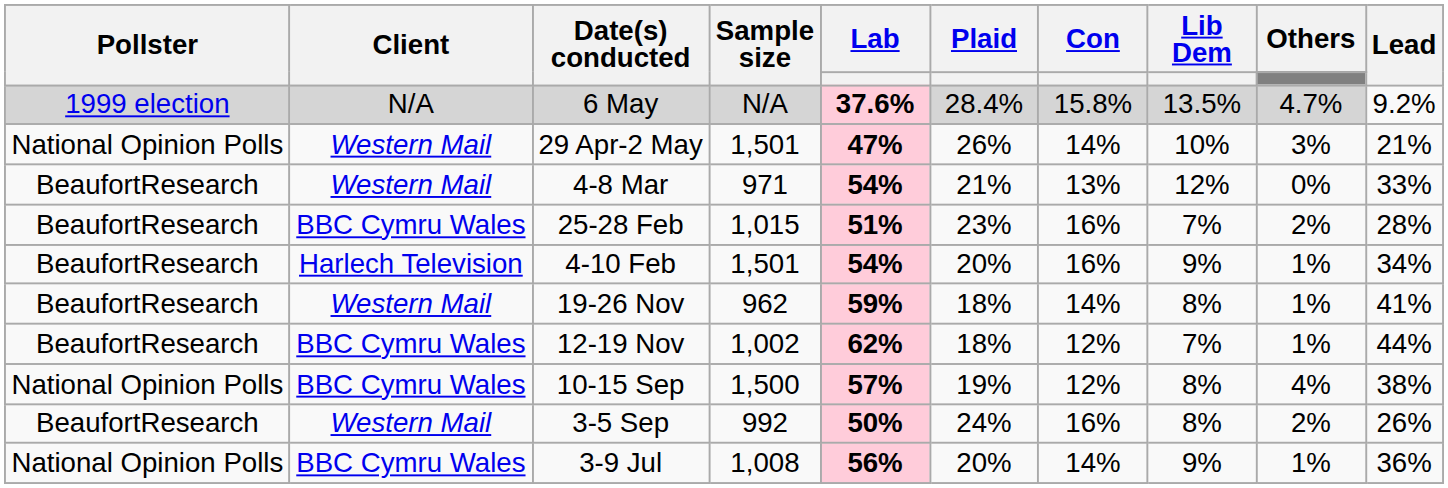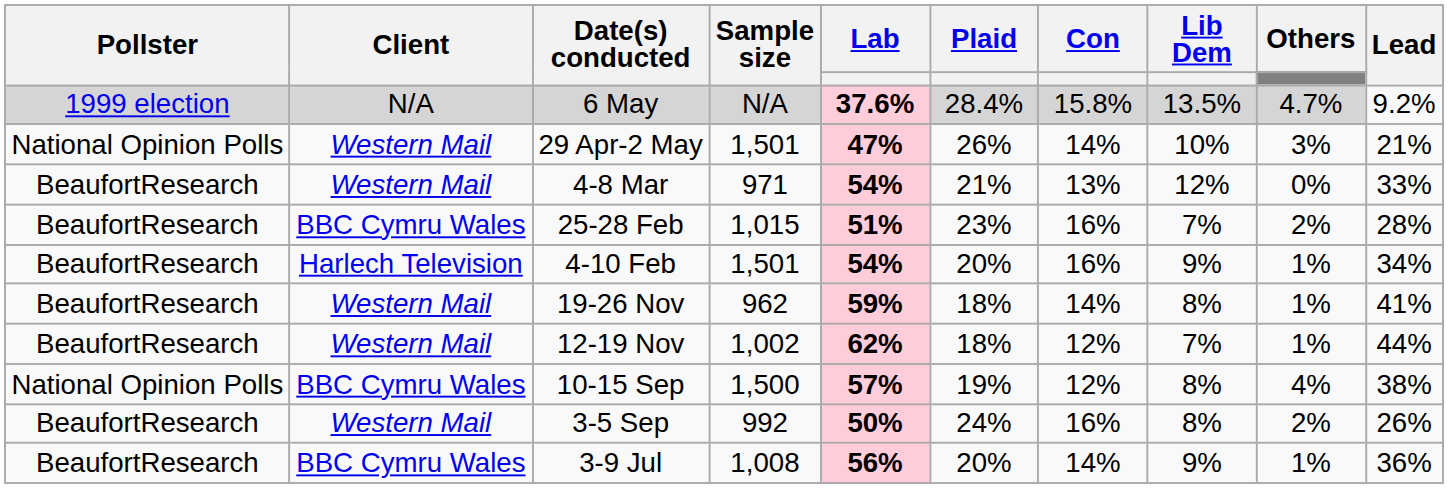 <table class="wikitable sortable mw-datatable" style="text-align:center;font-size:90%;line-height:14px;">
 <tr>
 <th rowspan="2">Pollster</th>
 <th rowspan="2">Client</th>
 <th rowspan="2" data-sort-type="number">Date(s)<br>conducted</th>
 <th rowspan="2">Sample<br>size</th>
 <th class="unsortable" style="width:50px;"><a href='#'>Lab</a></th>
 <th class="unsortable" style="width:50px;"><a href='#'>Plaid</a></th>
 <th class="unsortable" style="width:50px;"><a href='#'>Con</a></th>
 <th class="unsortable" style="width:50px;"><a href='#'>Lib Dem</a></th>
 <th class="unsortable" style="width:50px;">Others</th>
 <th rowspan="2" data-sort-type="number">Lead</th>
 </tr>
 <tr>
 <th data-sort-type="number" style="background:"></th>
 <th data-sort-type="number" style="background:"></th>
 <th data-sort-type="number" style="background:"></th>
 <th data-sort-type="number" style="background:"></th>
 <th data-sort-type="number" style="background:Grey;"></th>
 </tr>
 <tr>
 <td style="background:#D5D5D5"><a href='#'>1999 election</a></td>
 <td style="background:#D5D5D5">N/A</td>
 <td style="background:#D5D5D5">6 May</td>
 <td style="background:#D5D5D5">N/A</td>
 <td style="background:#FFCCDA"><strong>37.6%</strong></td>
 <td style="background:#D5D5D5">28.4%</td>
 <td style="background:#D5D5D5">15.8%</td>
 <td style="background:#D5D5D5">13.5%</td>
 <td style="background:#D5D5D5">4.7%</td>
 <td style="background:">9.2%</td>
 </tr>
 <tr>
 <td>National Opinion Polls</td>
 <td><em><a href='#'>Western Mail</a></em></td>
 <td>29 Apr-2 May</td>
 <td>1,501</td>
 <td style="background:#FFCCDA"><strong>47%</strong></td>
 <td>26%</td>
 <td>14%</td>
 <td>10%</td>
 <td>3%</td>
 <td style="background:">21%</td>
 </tr>
 <tr>
 <td>BeaufortResearch</td>
 <td><em><a href='#'>Western Mail</a></em></td>
 <td>4-8 Mar</td>
 <td>971</td>
 <td style="background:#FFCCDA"><strong>54%</strong></td>
 <td>21%</td>
 <td>13%</td>
 <td>12%</td>
 <td>0%</td>
 <td style="background:">33%</td>
 </tr>
 <tr>
 <td>BeaufortResearch</td>
 <td><a href='#'>BBC Cymru Wales</a></td>
 <td>25-28 Feb</td>
 <td>1,015</td>
 <td style="background:#FFCCDA"><strong>51%</strong></td>
 <td>23%</td>
 <td>16%</td>
 <td>7%</td>
 <td>2%</td>
 <td style="background:">28%</td>
 </tr>
 <tr>
 <td>BeaufortResearch</td>
 <td><a href='#'>Harlech Television</a></td>
 <td>4-10 Feb</td>
 <td>1,501</td>
 <td style="background:#FFCCDA"><strong>54%</strong></td>
 <td>20%</td>
 <td>16%</td>
 <td>9%</td>
 <td>1%</td>
 <td style="background:">34%</td>
 </tr>
 <tr>
 <td>BeaufortResearch</td>
 <td><em><a href='#'>Western Mail</a></em></td>
 <td>19-26 Nov</td>
 <td>962</td>
 <td style="background:#FFCCDA"><strong>59%</strong></td>
 <td>18%</td>
 <td>14%</td>
 <td>8%</td>
 <td>1%</td>
 <td style="background:">41%</td>
 </tr>
 <tr>
 <td>BeaufortResearch</td>
-<td><a href='#'>BBC Cymru Wales</a></td>
+<td><em><a href='#'>Western Mail</a></em></td>
 <td>12-19 Nov</td>
 <td>1,002</td>
 <td style="background:#FFCCDA"><strong>62%</strong></td>
 <td>18%</td>
 <td>12%</td>
 <td>7%</td>
 <td>1%</td>
 <td style="background:">44%</td>
 </tr>
 <tr>
 <td>National Opinion Polls</td>
 <td><a href='#'>BBC Cymru Wales</a></td>
 <td>10-15 Sep</td>
 <td>1,500</td>
 <td style="background:#FFCCDA"><strong>57%</strong></td>
 <td>19%</td>
 <td>12%</td>
 <td>8%</td>
 <td>4%</td>
 <td style="background:">38%</td>
 </tr>
 <tr>
 <td>BeaufortResearch</td>
 <td><em><a href='#'>Western Mail</a></em></td>
 <td>3-5 Sep</td>
 <td>992</td>
 <td style="background:#FFCCDA"><strong>50%</strong></td>
 <td>24%</td>
 <td>16%</td>
 <td>8%</td>
 <td>2%</td>
 <td style="background:">26%</td>
 </tr>
 <tr>
-<td>National Opinion Polls</td>
+<td>BeaufortResearch</td>
 <td><a href='#'>BBC Cymru Wales</a></td>
 <td>3-9 Jul</td>
 <td>1,008</td>
 <td style="background:#FFCCDA"><strong>56%</strong></td>
 <td>20%</td>
 <td>14%</td>
 <td>9%</td>
 <td>1%</td>
 <td style="background:">36%</td>
 </tr>
 </table>
